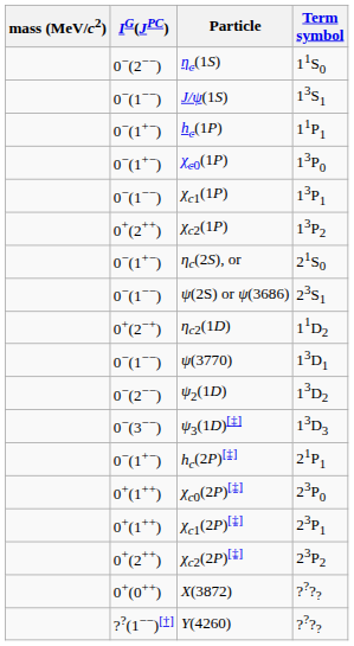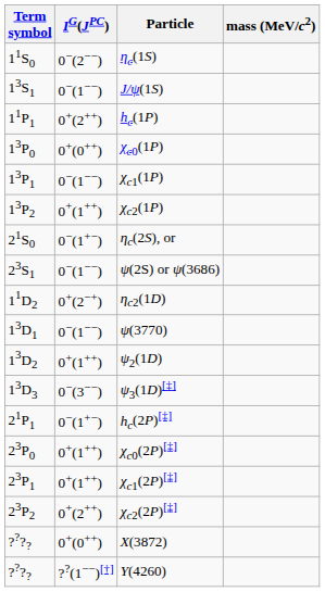 <table class="wikitable" style="align:center;">
 <tr>
-<th>mass (MeV/<em>c</em><sup>2</sup>)</th>
+<th width="40px"><a href='#'>Term symbol</a> </th>
 <th><em><a href='#'>I</a><sup><a href='#'>G</a></sup></em>(<em><a href='#'>J</a><sup><a href='#'>P</a><a href='#'>C</a></sup></em>)</th>
 <th>Particle</th>
-<th width="40px"><a href='#'>Term symbol</a> </th>
+<th>mass (MeV/<em>c</em><sup>2</sup>)</th>
 </tr>
 <tr>
-<td></td>
+<td>1<sup>1</sup>S<sub>0</sub></td>
 <td>0<sup>−</sup>(2<sup>−−</sup>)</td>
 <td><em><a href='#'>η<sub>c</sub></a></em>(1<em>S</em>)</td>
-<td>1<sup>1</sup>S<sub>0</sub></td>
+<td></td>
 </tr>
 <tr>
-<td></td>
+<td>1<sup>3</sup>S<sub>1</sub></td>
 <td>0<sup>−</sup>(1<sup>−−</sup>)</td>
 <td><a href='#'><em>J/ψ</em></a>(1<em>S</em>)</td>
-<td>1<sup>3</sup>S<sub>1</sub></td>
+<td></td>
 </tr>
 <tr>
+<td>1<sup>1</sup>P<sub>1</sub></td>
+<td>0<sup>+</sup>(2<sup>++</sup>)</td>
+<td><em><a href='#'>h<sub>c</sub></a></em>(1<em>P</em>)</td>
 <td></td>
-<td>0<sup>−</sup>(1<sup>+−</sup>)</td>
-<td><em><a href='#'>h<sub>c</sub></a></em>(1<em>P</em>)</td>
-<td>1<sup>1</sup>P<sub>1</sub></td>
 </tr>
 <tr>
+<td>1<sup>3</sup>P<sub>0</sub></td>
+<td>0<sup>+</sup>(0<sup>++</sup>)</td>
+<td><a href='#'><em>χ</em><sub><em>c</em>0</sub></a>(1<em>P</em>)</td>
 <td></td>
-<td>0<sup>−</sup>(1<sup>+−</sup>)</td>
-<td><a href='#'><em>χ</em><sub><em>c</em>0</sub></a>(1<em>P</em>)</td>
-<td>1<sup>3</sup>P<sub>0</sub></td>
 </tr>
 <tr>
-<td></td>
+<td>1<sup>3</sup>P<sub>1</sub></td>
 <td>0<sup>−</sup>(1<sup>−−</sup>)</td>
 <td><em>χ</em><sub><em>c</em>1</sub>(1<em>P</em>)</td>
-<td>1<sup>3</sup>P<sub>1</sub></td>
+<td></td>
 </tr>
 <tr>
+<td>1<sup>3</sup>P<sub>2</sub></td>
+<td>0<sup>+</sup>(1<sup>++</sup>)<a href='#'></a></td>
+<td><em>χ</em><sub><em>c</em>2</sub>(1<em>P</em>)</td>
 <td></td>
-<td>0<sup>+</sup>(2<sup>++</sup>)</td>
-<td><em>χ</em><sub><em>c</em>2</sub>(1<em>P</em>)</td>
-<td>1<sup>3</sup>P<sub>2</sub></td>
 </tr>
 <tr>
-<td></td>
+<td>2<sup>1</sup>S<sub>0</sub></td>
 <td>0<sup>−</sup>(1<sup>+−</sup>)</td>
 <td><em>η<sub>c</sub></em>(2<em>S</em>), or <em></em></td>
-<td>2<sup>1</sup>S<sub>0</sub></td>
+<td></td>
 </tr>
 <tr>
-<td></td>
+<td>2<sup>3</sup>S<sub>1</sub></td>
 <td>0<sup>−</sup>(1<sup>−−</sup>)</td>
 <td><em>ψ</em>(2S) or <em>ψ</em>(3686)</td>
-<td>2<sup>3</sup>S<sub>1</sub></td>
+<td></td>
 </tr>
 <tr>
-<td align="center"></td>
+<td>1<sup>1</sup>D<sub>2</sub></td>
 <td>0<sup>+</sup>(2<sup>−+</sup>)</td>
 <td><em>η</em><sub><em>c</em>2</sub>(1<em>D</em>)</td>
-<td>1<sup>1</sup>D<sub>2</sub></td>
+<td align="center"></td>
 </tr>
 <tr>
-<td></td>
+<td>1<sup>3</sup>D<sub>1</sub></td>
 <td>0<sup>−</sup>(1<sup>−−</sup>)</td>
 <td><em>ψ</em>(3770)</td>
-<td>1<sup>3</sup>D<sub>1</sub></td>
+<td></td>
 </tr>
 <tr>
+<td>1<sup>3</sup>D<sub>2</sub></td>
+<td>0<sup>+</sup>(1<sup>++</sup>)</td>
+<td><em>ψ</em><sub>2</sub>(1<em>D</em>)</td>
 <td align="center"></td>
-<td>0<sup>−</sup>(2<sup>−−</sup>)</td>
-<td><em>ψ</em><sub>2</sub>(1<em>D</em>)</td>
-<td>1<sup>3</sup>D<sub>2</sub></td>
 </tr>
 <tr>
-<td align="center"></td>
+<td>1<sup>3</sup>D<sub>3</sub></td>
 <td>0<sup>−</sup>(3<sup>−−</sup>)</td>
 <td><em>ψ</em><sub>3</sub>(1<em>D</em>)<sup><a href='#'>[‡]</a></sup></td>
-<td>1<sup>3</sup>D<sub>3</sub></td>
+<td align="center"></td>
 </tr>
 <tr>
-<td align="center"></td>
+<td>2<sup>1</sup>P<sub>1</sub></td>
 <td>0<sup>−</sup>(1<sup>+−</sup>)</td>
 <td><em>h<sub>c</sub></em>(2<em>P</em>)<sup><a href='#'>[‡]</a></sup></td>
-<td>2<sup>1</sup>P<sub>1</sub></td>
+<td align="center"></td>
 </tr>
 <tr>
-<td align="center"></td>
+<td>2<sup>3</sup>P<sub>0</sub></td>
 <td>0<sup>+</sup>(1<sup>++</sup>)<a href='#'></a></td>
 <td><em>χ</em><sub><em>c</em>0</sub>(2<em>P</em>)<sup><a href='#'>[‡]</a></sup></td>
-<td>2<sup>3</sup>P<sub>0</sub></td>
+<td align="center"></td>
 </tr>
 <tr>
-<td align="center"></td>
+<td>2<sup>3</sup>P<sub>1</sub></td>
 <td>0<sup>+</sup>(1<sup>++</sup>)</td>
 <td><em>χ</em><sub><em>c</em>1</sub>(2<em>P</em>)<sup><a href='#'>[‡]</a></sup></td>
-<td>2<sup>3</sup>P<sub>1</sub></td>
+<td align="center"></td>
 </tr>
 <tr>
-<td align="center"></td>
+<td>2<sup>3</sup>P<sub>2</sub></td>
 <td>0<sup>+</sup>(2<sup>++</sup>)</td>
 <td><em>χ</em><sub><em>c</em>2</sub>(2<em>P</em>)<sup><a href='#'>[‡]</a></sup></td>
-<td>2<sup>3</sup>P<sub>2</sub></td>
+<td align="center"></td>
 </tr>
 <tr>
-<td></td>
+<td>?<sup>?</sup>?<sub>?</sub></td>
 <td>0<sup>+</sup>(0<sup>++</sup>)</td>
 <td><em>X</em>(3872)</td>
-<td>?<sup>?</sup>?<sub>?</sub></td>
+<td></td>
 </tr>
 <tr>
-<td></td>
+<td>?<sup>?</sup>?<sub>?</sub></td>
 <td>?<sup>?</sup>(1<sup>−−</sup>)<sup><a href='#'>[†]</a></sup></td>
 <td><em>Y</em>(4260)</td>
-<td>?<sup>?</sup>?<sub>?</sub></td>
+<td></td>
 </tr>
 </table>
